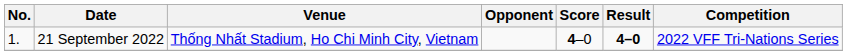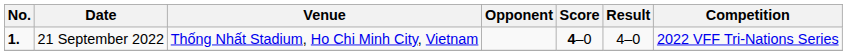 <table class="wikitable">
 <tr>
 <th>No.</th>
 <th>Date</th>
 <th>Venue</th>
 <th>Opponent</th>
 <th>Score</th>
 <th>Result</th>
 <th>Competition</th>
 </tr>
 <tr>
-<td>1.</td>
+<td><strong>1.</strong></td>
 <td>21 September 2022</td>
 <td><a href='#'>Thống Nhất Stadium</a>, <a href='#'>Ho Chi Minh City</a>, <a href='#'>Vietnam</a></td>
 <td></td>
 <td align=center><strong>4</strong>–0</td>
-<td align=center><strong>4–0</strong></td>
+<td align=center>4–0</td>
 <td><a href='#'>2022 VFF Tri-Nations Series</a></td>
 </tr>
 <tr>
 </tr>
 </table>
